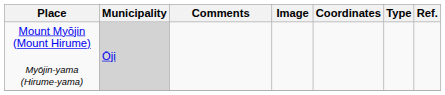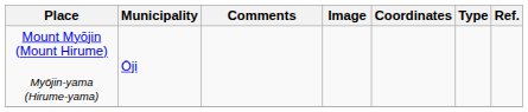 <table class="wikitable sortable"  style="width:100%;">
 <tr>
 <th width="30%" align="left">Place</th>
 <th width="10%" align="left">Municipality</th>
 <th width="30%" align="left" class="unsortable">Comments</th>
 <th width="10%" align="left"  class="unsortable">Image</th>
 <th width="10%" align="left" class="unsortable">Coordinates</th>
 <th width="5%" align="left">Type</th>
 <th width="5%" align="left"  class="unsortable">Ref.</th>
 </tr>
 <tr>
 <td align="center"><a href='#'>Mount Myōjin (Mount Hirume)</a><br><br><small><em>Myōjin-yama (Hirume-yama)</em></small></td>
-<td style="background: lightgrey;"><a href='#'>Ōji</a></td>
+<td><a href='#'>Ōji</a></td>
 <td></td>
 <td></td>
 <td></td>
 <td></td>
 <td></td>
 </tr>
 <tr>
 </tr>
 </table>
